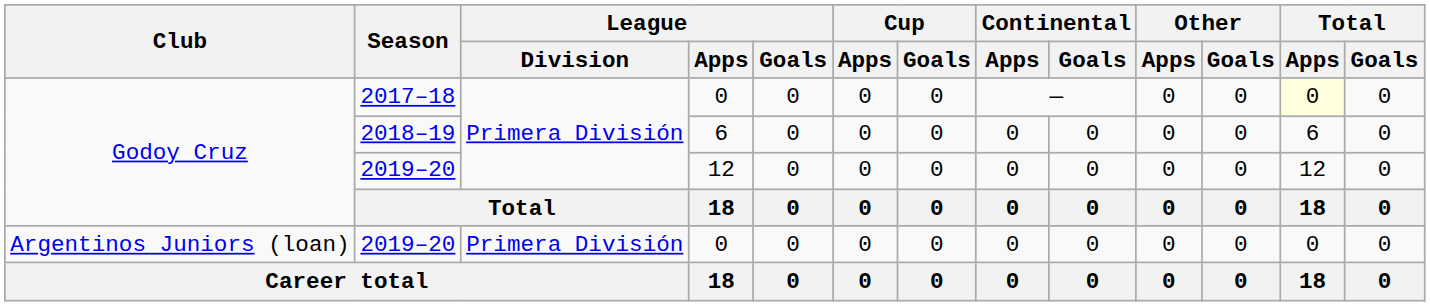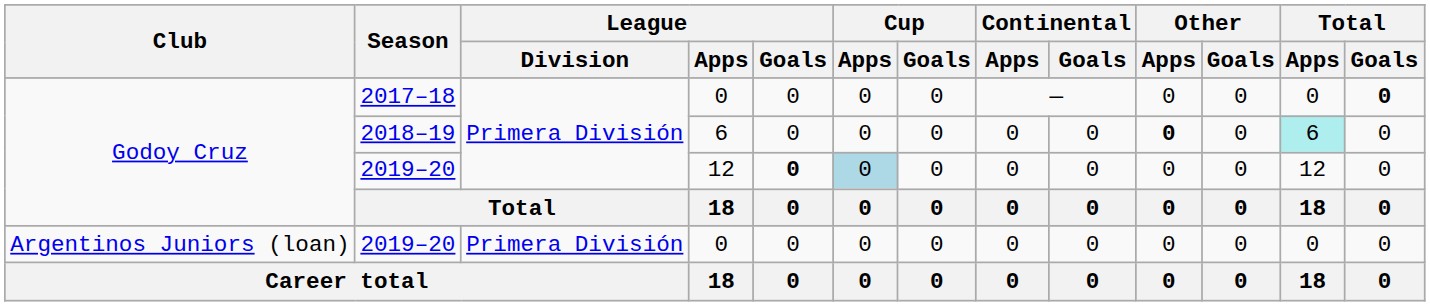 <table class="wikitable" style="text-align:center">
 <tr>
 <th rowspan="2">Club</th>
 <th rowspan="2">Season</th>
 <th colspan="3">League</th>
 <th colspan="2">Cup</th>
 <th colspan="2">Continental</th>
 <th colspan="2">Other</th>
 <th colspan="2">Total</th>
 </tr>
 <tr>
 <th>Division</th>
 <th>Apps</th>
 <th>Goals</th>
 <th>Apps</th>
 <th>Goals</th>
 <th>Apps</th>
 <th>Goals</th>
 <th>Apps</th>
 <th>Goals</th>
 <th>Apps</th>
 <th>Goals</th>
 </tr>
 <tr>
 <td rowspan="4"><a href='#'>Godoy Cruz</a></td>
 <td><a href='#'>2017–18</a></td>
 <td rowspan="3"><a href='#'>Primera División</a></td>
 <td>0</td>
 <td>0</td>
 <td>0</td>
 <td>0</td>
 <td colspan="2">—</td>
 <td>0</td>
 <td>0</td>
-<td style="background: lightyellow;">0</td>
 <td>0</td>
+<td><strong>0</strong></td>
 </tr>
 <tr>
 <td><a href='#'>2018–19</a></td>
 <td>6</td>
 <td>0</td>
 <td>0</td>
 <td>0</td>
 <td>0</td>
 <td>0</td>
+<td><strong>0</strong></td>
 <td>0</td>
-<td>0</td>
-<td>6</td>
+<td style="background: paleturquoise;">6</td>
 <td>0</td>
 </tr>
 <tr>
 <td><a href='#'>2019–20</a></td>
 <td>12</td>
-<td>0</td>
-<td>0</td>
+<td><strong>0</strong></td>
+<td style="background: lightblue;">0</td>
 <td>0</td>
 <td>0</td>
 <td>0</td>
 <td>0</td>
 <td>0</td>
 <td>12</td>
 <td>0</td>
 </tr>
 <tr>
 <th colspan="2">Total</th>
 <th>18</th>
 <th>0</th>
 <th>0</th>
 <th>0</th>
 <th>0</th>
 <th>0</th>
 <th>0</th>
 <th>0</th>
 <th>18</th>
 <th>0</th>
 </tr>
 <tr>
 <td rowspan="1"><a href='#'>Argentinos Juniors</a> (loan)</td>
 <td><a href='#'>2019–20</a></td>
 <td rowspan="1"><a href='#'>Primera División</a></td>
 <td>0</td>
 <td>0</td>
 <td>0</td>
 <td>0</td>
 <td>0</td>
 <td>0</td>
 <td>0</td>
 <td>0</td>
 <td>0</td>
 <td>0</td>
 </tr>
 <tr>
 <th colspan="3">Career total</th>
 <th>18</th>
 <th>0</th>
 <th>0</th>
 <th>0</th>
 <th>0</th>
 <th>0</th>
 <th>0</th>
 <th>0</th>
 <th>18</th>
 <th>0</th>
 </tr>
 </table>
